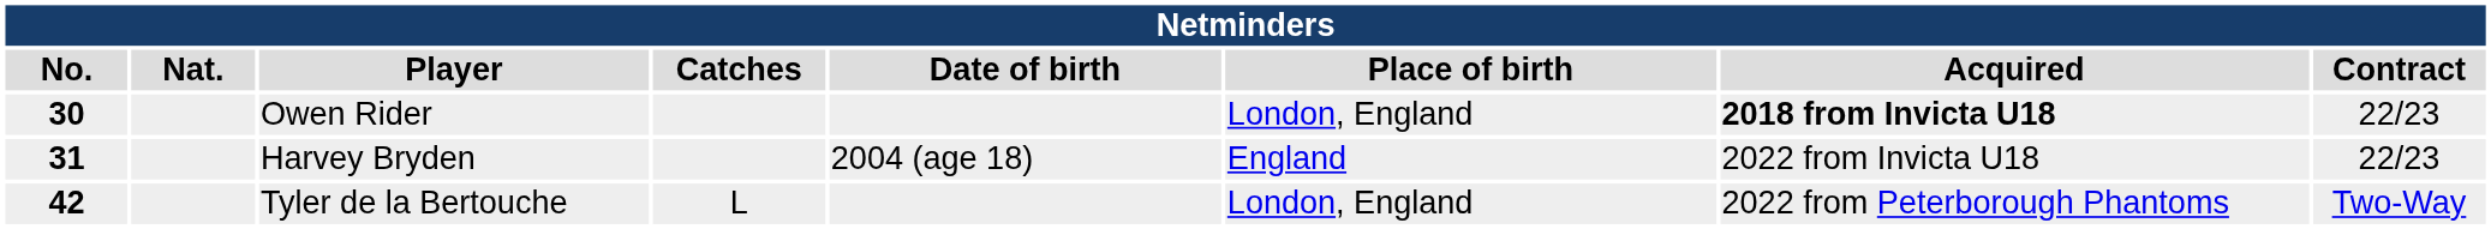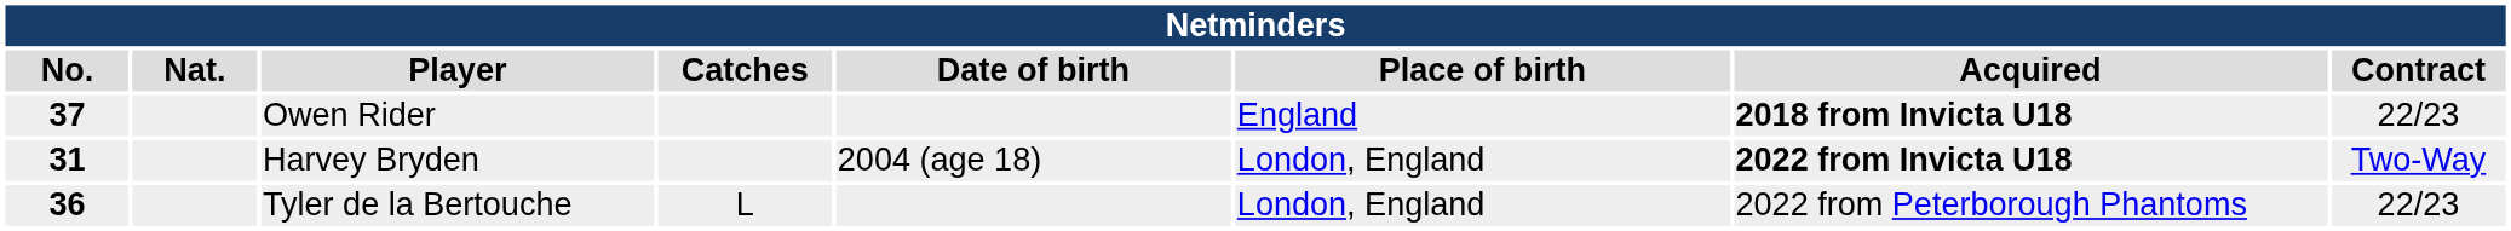 <table class="toccolours"  style="width:97%; clear:both; margin:1.5em auto; text-align:center;">
 <tr>
 <th colspan="10" style="background:#173d6b; color:white;”">Netminders</th>
 </tr>
 <tr style="background:#ddd;">
 <th width=5%>No.</th>
 <th width=5%>Nat.</th>
 <th !width=22%>Player</th>
 <th width=7%>Catches</th>
 <th width=16%>Date of birth</th>
 <th width=20%>Place of birth</th>
 <th width=24%>Acquired</th>
 <td><strong>Contract</strong></td>
 </tr>
 <tr style="background:#eee;">
-<td><strong>30</strong></td>
+<td><strong>37</strong></td>
 <td></td>
 <td align=left>Owen Rider</td>
 <td></td>
 <td align=left></td>
-<td align=left><a href='#'>London</a>, England</td>
+<td align=left><a href='#'>England</a></td>
 <td align=left><strong>2018 from Invicta U18</strong></td>
 <td>22/23</td>
 </tr>
 <tr style="background:#eee;">
 <td><strong>31</strong></td>
 <td></td>
 <td align=left>Harvey Bryden</td>
 <td></td>
 <td align=left>2004 (age 18)</td>
-<td align=left><a href='#'>England</a></td>
-<td align=left>2022 from Invicta U18</td>
-<td>22/23</td>
+<td align=left><a href='#'>London</a>, England</td>
+<td align=left><strong>2022 from Invicta U18</strong></td>
+<td><a href='#'>Two-Way</a></td>
 </tr>
 <tr style="background:#eee;">
-<td><strong>42</strong></td>
+<td><strong>36</strong></td>
 <td></td>
 <td align=left>Tyler de la Bertouche</td>
 <td>L</td>
 <td align=left></td>
 <td align=left><a href='#'>London</a>, England</td>
 <td align=left>2022 from <a href='#'>Peterborough Phantoms</a></td>
-<td><a href='#'>Two-Way</a></td>
+<td>22/23</td>
 </tr>
 </table>
